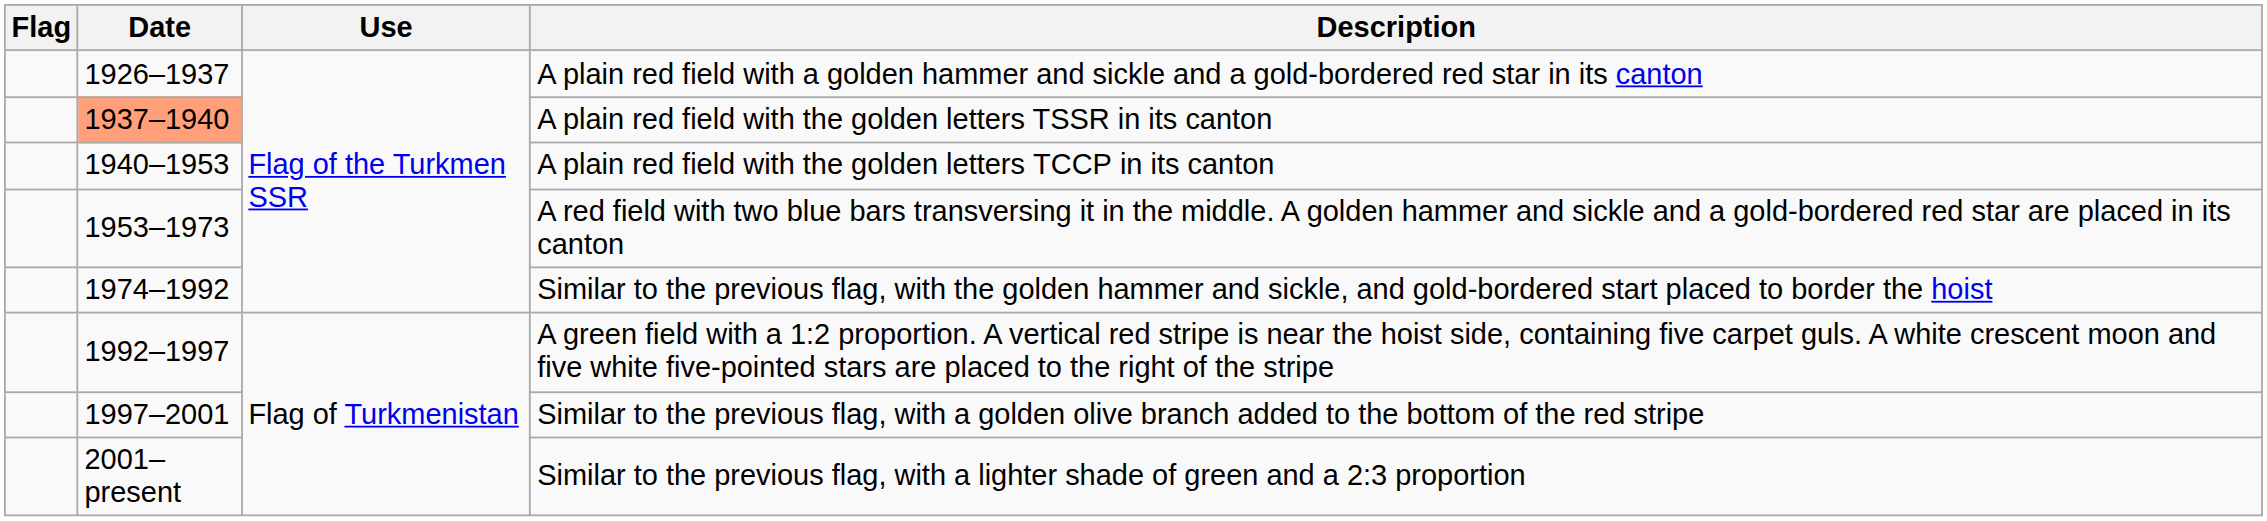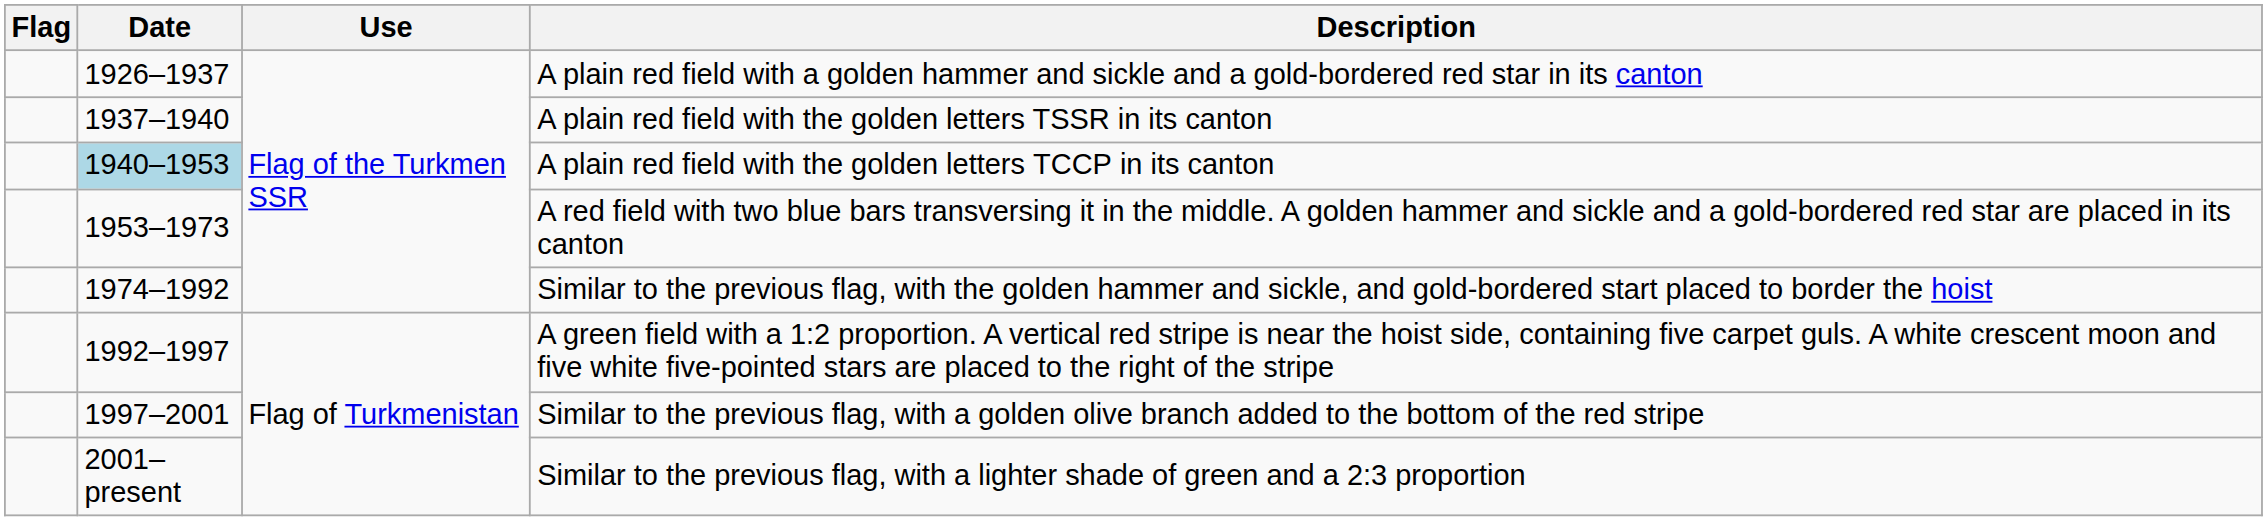 <table class="wikitable">
 <tr>
 <th>Flag</th>
 <th>Date</th>
 <th>Use</th>
 <th>Description</th>
 </tr>
 <tr>
 <td></td>
 <td>1926–1937</td>
 <td rowspan = 5><a href='#'>Flag of the Turkmen SSR</a></td>
 <td>A plain red field with a golden hammer and sickle and a gold-bordered red star in its <a href='#'>canton</a></td>
 </tr>
 <tr>
 <td></td>
-<td style="background: lightsalmon;">1937–1940</td>
+<td>1937–1940</td>
 <td>A plain red field with the golden letters TSSR in its canton</td>
 </tr>
 <tr>
 <td></td>
-<td>1940–1953</td>
+<td style="background: lightblue;">1940–1953</td>
 <td>A plain red field with the golden letters ТССР in its canton</td>
 </tr>
 <tr>
 <td></td>
 <td>1953–1973</td>
 <td>A red field with two blue bars transversing it in the middle. A golden hammer and sickle and a gold-bordered red star are placed in its canton</td>
 </tr>
 <tr>
 <td></td>
 <td>1974–1992</td>
 <td>Similar to the previous flag, with the golden hammer and sickle, and gold-bordered start placed to border the <a href='#'>hoist</a></td>
 </tr>
 <tr>
 <td></td>
 <td>1992–1997</td>
 <td rowspan = 3>Flag of <a href='#'>Turkmenistan</a></td>
 <td>A green field with a 1:2 proportion. A vertical red stripe is near the hoist side, containing five carpet guls. A white crescent moon and five white five-pointed stars are placed to the right of the stripe</td>
 </tr>
 <tr>
 <td></td>
 <td>1997–2001</td>
 <td>Similar to the previous flag, with a golden olive branch added to the bottom of the red stripe</td>
 </tr>
 <tr>
 <td></td>
 <td>2001–present</td>
 <td>Similar to the previous flag, with a lighter shade of green and a 2:3 proportion</td>
 </tr>
 </table>
